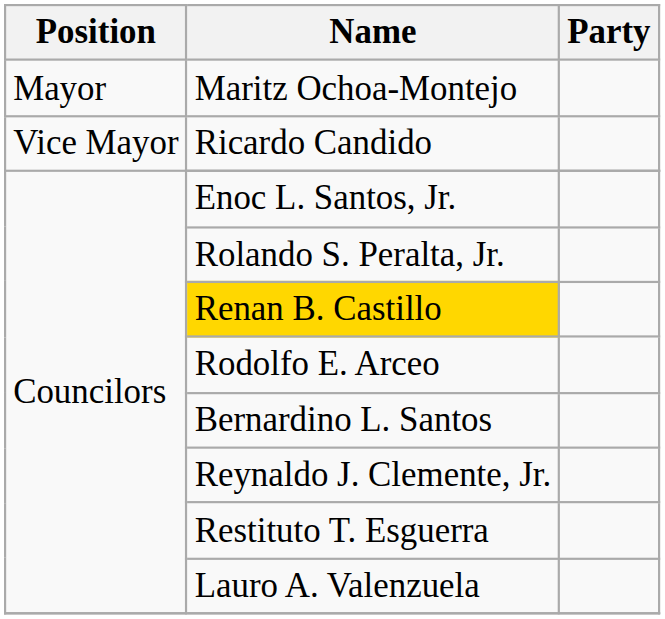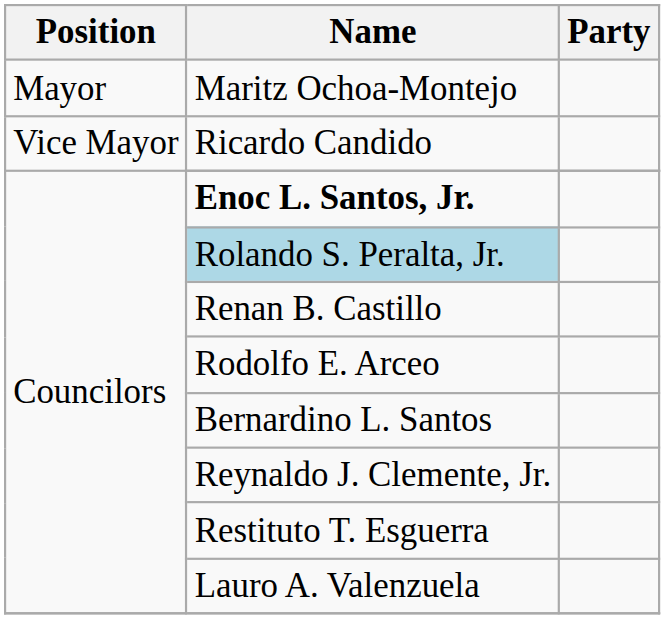 <table class=wikitable>
 <tr>
 <th>Position</th>
 <th>Name</th>
 <th colspan="2">Party</th>
 </tr>
 <tr>
 <td>Mayor</td>
 <td>Maritz Ochoa-Montejo</td>
 <td></td>
 </tr>
 <tr>
 <td>Vice Mayor</td>
 <td>Ricardo Candido</td>
 <td></td>
 </tr>
 <tr>
 <td rowspan="9">Councilors</td>
 </tr>
 <tr>
-<td>Enoc L. Santos, Jr.</td>
+<td><strong>Enoc L. Santos, Jr.</strong></td>
 <td></td>
 </tr>
 <tr>
-<td>Rolando S. Peralta, Jr.</td>
+<td style="background: lightblue;">Rolando S. Peralta, Jr.</td>
 <td></td>
 </tr>
 <tr>
-<td style="background: gold;">Renan B. Castillo</td>
+<td>Renan B. Castillo</td>
 <td></td>
 </tr>
 <tr>
 <td>Rodolfo E. Arceo</td>
 <td></td>
 </tr>
 <tr>
 <td>Bernardino L. Santos</td>
 <td></td>
 </tr>
 <tr>
 <td>Reynaldo J. Clemente, Jr.</td>
 <td></td>
 </tr>
 <tr>
 <td>Restituto T. Esguerra</td>
 <td></td>
 </tr>
 <tr>
 <td>Lauro A. Valenzuela</td>
 <td></td>
 </tr>
 <tr>
 </tr>
 </table>
